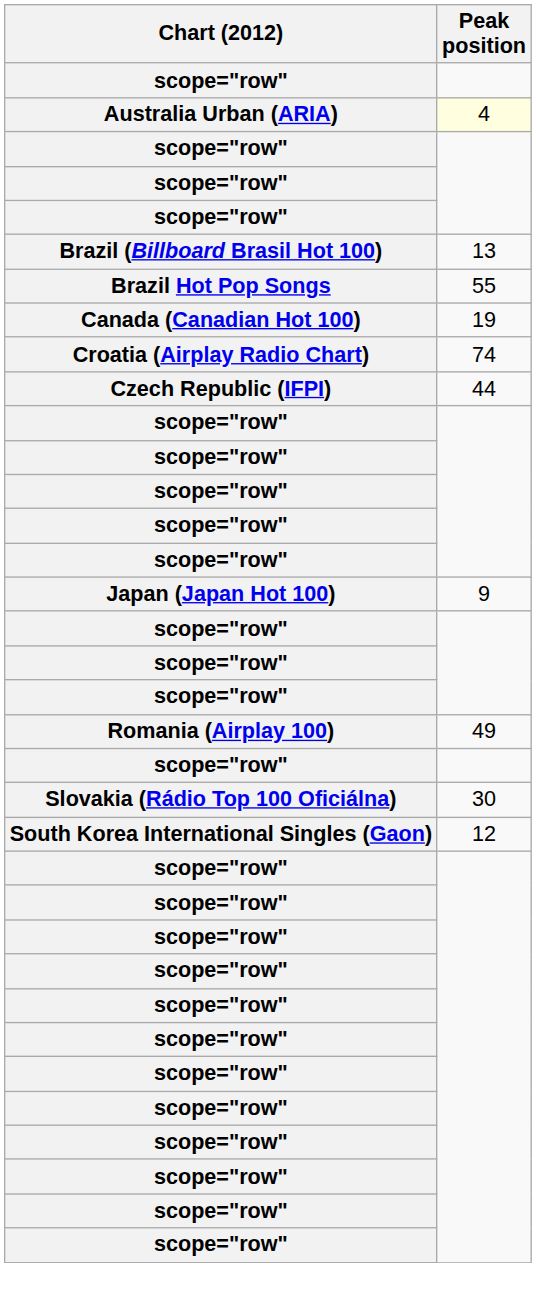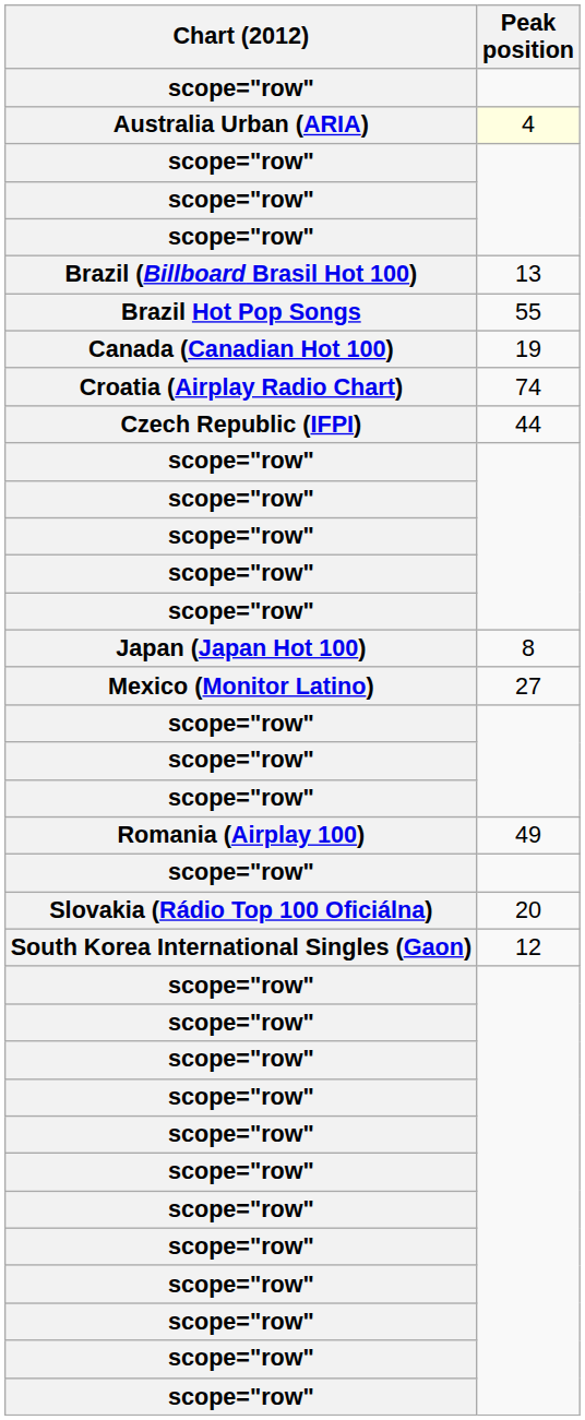 <table class="wikitable sortable plainrowheaders" style="text-align:center;">
 <tr>
 <th scope="col">Chart (2012)</th>
 <th scope="col">Peak<br>position</th>
 </tr>
 <tr>
 <th>scope="row"</th>
 </tr>
 <tr>
 <th scope="row">Australia Urban (<a href='#'>ARIA</a>)</th>
 <td style="background: lightyellow; text-align:center;">4</td>
 </tr>
 <tr>
 <th>scope="row"</th>
 </tr>
 <tr>
 <th>scope="row"</th>
 </tr>
 <tr>
 <th>scope="row"</th>
 </tr>
 <tr>
 <th scope="row">Brazil (<a href='#'><em>Billboard</em> Brasil Hot 100</a>)</th>
 <td style="text-align:center;">13</td>
 </tr>
 <tr>
 <th scope="row">Brazil <a href='#'>Hot Pop Songs</a></th>
 <td style="text-align:center;">55</td>
 </tr>
 <tr>
 <th scope="row">Canada (<a href='#'>Canadian Hot 100</a>)</th>
 <td style="text-align:center;">19</td>
 </tr>
 <tr>
 <th scope="row">Croatia (<a href='#'>Airplay Radio Chart</a>)</th>
 <td style="text-align:center;">74</td>
 </tr>
 <tr>
 <th scope="row">Czech Republic (<a href='#'>IFPI</a>)</th>
 <td style="text-align:center;">44</td>
 </tr>
 <tr>
 <th>scope="row"</th>
 </tr>
 <tr>
 <th>scope="row"</th>
 </tr>
 <tr>
 <th>scope="row"</th>
 </tr>
 <tr>
 <th>scope="row"</th>
 </tr>
 <tr>
 <th>scope="row"</th>
 </tr>
 <tr>
 <th scope="row">Japan (<a href='#'>Japan Hot 100</a>)</th>
-<td style="text-align:center;">9</td>
+<td style="text-align:center;">8</td>
+</tr>
+<tr>
+<th scope="row">Mexico (<a href='#'>Monitor Latino</a>)</th>
+<td style="text-align:center;">27</td>
 </tr>
 <tr>
 <th>scope="row"</th>
 </tr>
 <tr>
 <th>scope="row"</th>
 </tr>
 <tr>
 <th>scope="row"</th>
 </tr>
 <tr>
 <th scope="row">Romania (<a href='#'>Airplay 100</a>)</th>
 <td style="text-align:center;">49</td>
 </tr>
 <tr>
 <th>scope="row"</th>
 </tr>
 <tr>
 <th scope="row">Slovakia (<a href='#'>Rádio Top 100 Oficiálna</a>)</th>
-<td style="text-align:center;">30</td>
+<td style="text-align:center;">20</td>
 </tr>
 <tr>
 <th scope="row">South Korea International Singles (<a href='#'>Gaon</a>)</th>
 <td style="text-align:center;">12</td>
 </tr>
 <tr>
 <th>scope="row"</th>
 </tr>
 <tr>
 <th>scope="row"</th>
 </tr>
 <tr>
 <th>scope="row"</th>
 </tr>
 <tr>
 <th>scope="row"</th>
 </tr>
 <tr>
 <th>scope="row"</th>
 </tr>
 <tr>
 <th>scope="row"</th>
 </tr>
 <tr>
 <th>scope="row"</th>
 </tr>
 <tr>
 <th>scope="row"</th>
 </tr>
 <tr>
 <th>scope="row"</th>
 </tr>
 <tr>
 <th>scope="row"</th>
 </tr>
 <tr>
 <th>scope="row"</th>
 </tr>
 <tr>
 <th>scope="row"</th>
 </tr>
 <tr>
 </tr>
 </table>
